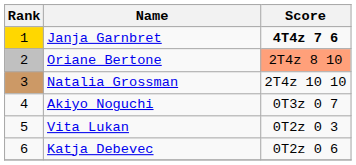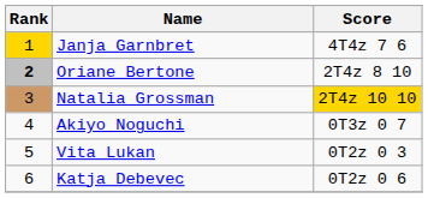 <table class="wikitable">
 <tr>
 <th>Rank</th>
 <th width = "200">Name</th>
 <th width = "80">Score</th>
 </tr>
 <tr>
 <td align="center" style="background: gold">1</td>
 <td> <a href='#'>Janja Garnbret</a></td>
-<td align="center"><strong>4T4z 7 6</strong></td>
+<td align="center">4T4z 7 6</td>
 </tr>
 <tr>
-<td align="center" style="background: silver">2</td>
+<td align="center" style="background: silver"><strong>2</strong></td>
 <td> <a href='#'>Oriane Bertone</a></td>
-<td align="center" style="background: lightsalmon;">2T4z 8 10</td>
+<td align="center">2T4z 8 10</td>
 </tr>
 <tr>
 <td align="center" style="background: #cc9966">3</td>
 <td> <a href='#'>Natalia Grossman</a></td>
-<td align="center">2T4z 10 10</td>
+<td align="center" style="background: gold;">2T4z 10 10</td>
 </tr>
 <tr>
 <td align="center">4</td>
 <td> <a href='#'>Akiyo Noguchi</a></td>
 <td align="center">0T3z 0 7</td>
 </tr>
 <tr>
 <td align="center">5</td>
 <td> <a href='#'>Vita Lukan</a></td>
 <td align="center">0T2z 0 3</td>
 </tr>
 <tr>
 <td align="center">6</td>
 <td> <a href='#'>Katja Debevec</a></td>
 <td align="center">0T2z 0 6</td>
 </tr>
 <tr>
 </tr>
 </table>
